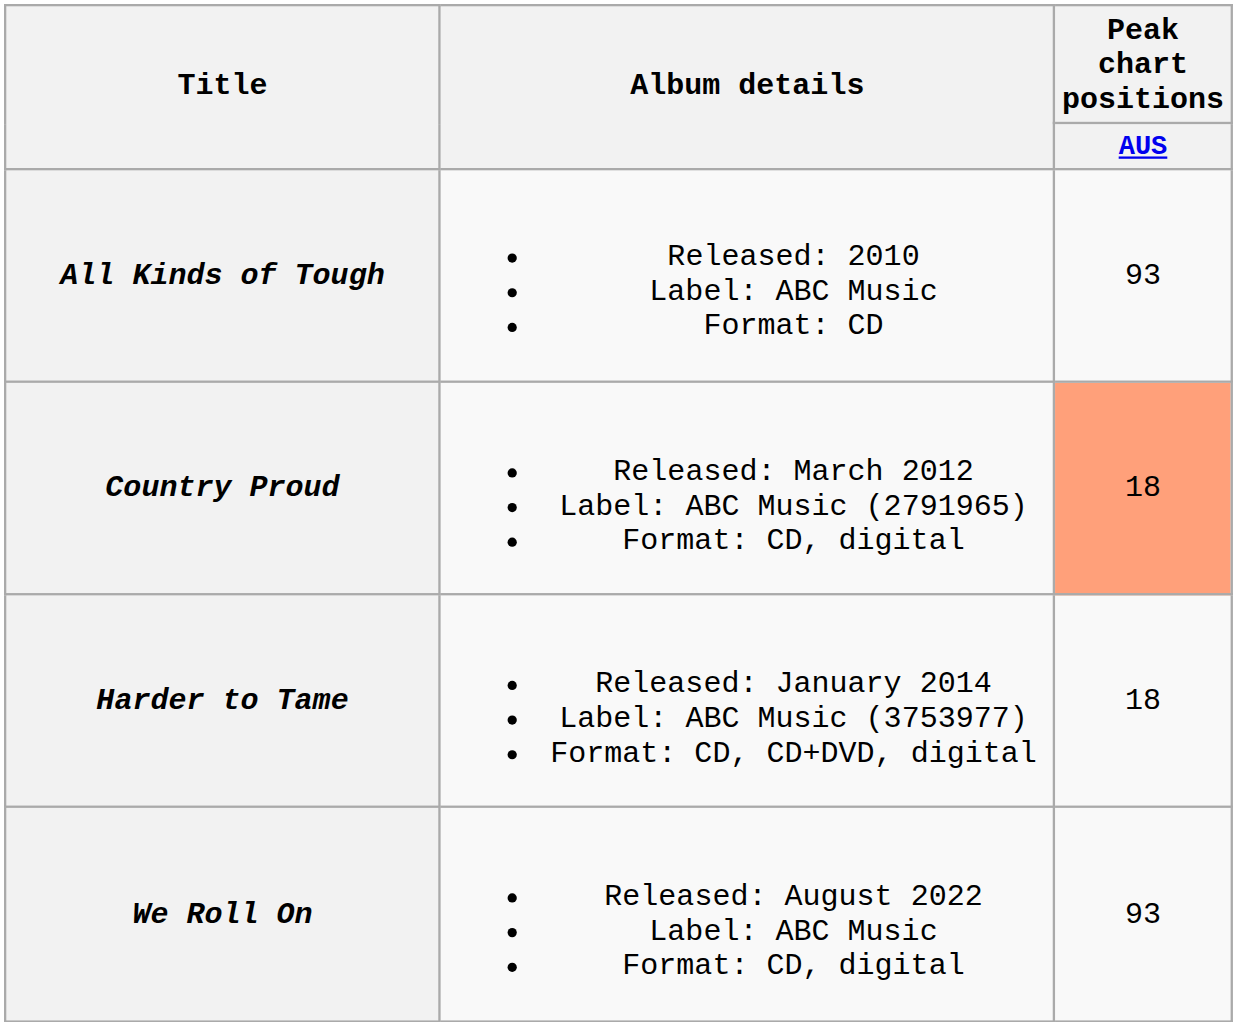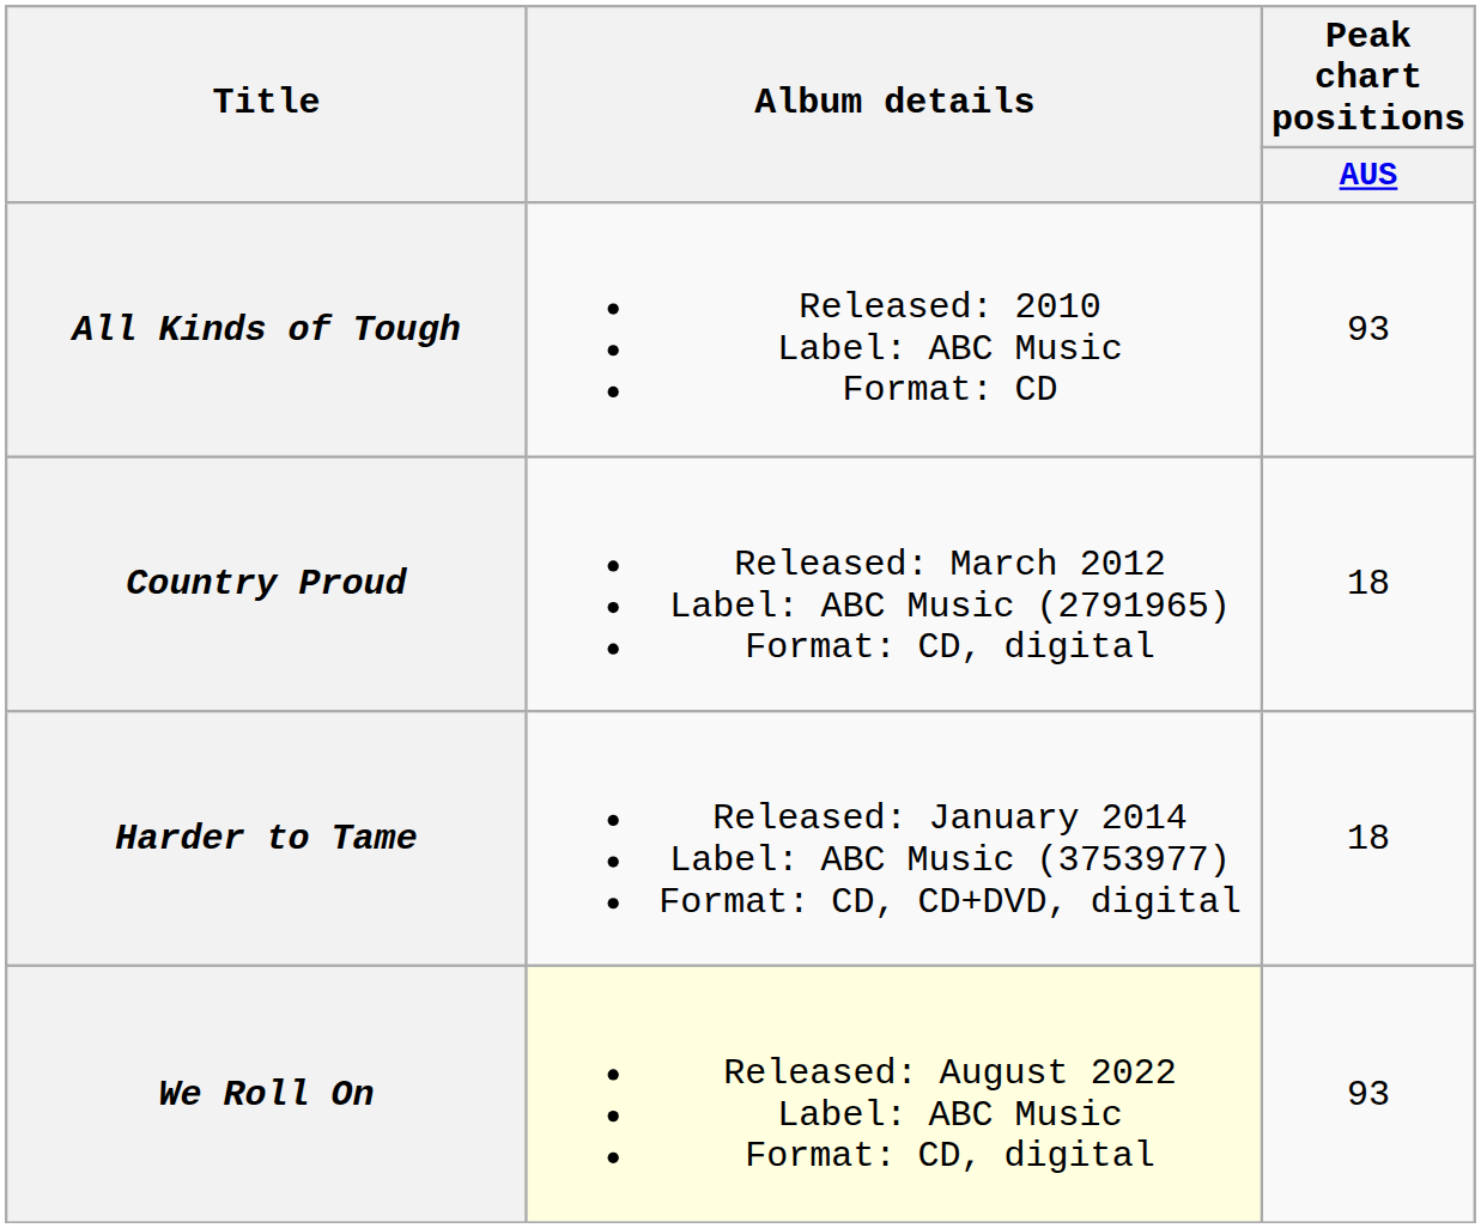 <table class="wikitable plainrowheaders" style="text-align:center;" border="1">
 <tr>
 <th scope="col" rowspan="2" style="width:14em;">Title</th>
 <th scope="col" rowspan="2" style="width:20em;">Album details</th>
 <th scope="col" colspan="1">Peak chart positions</th>
 </tr>
 <tr>
 <th scope="col" style="width:3em;font-size:90%;"><a href='#'>AUS</a><br></th>
 </tr>
 <tr>
 <th scope="row"><em>All Kinds of Tough</em></th>
 <td><br><ul><li>Released: 2010</li><li>Label: ABC Music</li><li>Format: CD</li></ul></td>
 <td>93</td>
 </tr>
 <tr>
 <th scope="row"><em>Country Proud</em></th>
 <td><br><ul><li>Released: March 2012</li><li>Label: ABC Music (2791965)</li><li>Format: CD, digital</li></ul></td>
-<td style="background: lightsalmon;">18</td>
+<td>18</td>
 </tr>
 <tr>
 <th scope="row"><em>Harder to Tame</em></th>
 <td><br><ul><li>Released: January 2014</li><li>Label: ABC Music (3753977)</li><li>Format: CD, CD+DVD, digital</li></ul></td>
 <td>18</td>
 </tr>
 <tr>
 <th scope="row"><em>We Roll On</em></th>
-<td><br><ul><li>Released: August 2022</li><li>Label: ABC Music</li><li>Format: CD, digital</li></ul></td>
+<td style="background: lightyellow;"><br><ul><li>Released: August 2022</li><li>Label: ABC Music</li><li>Format: CD, digital</li></ul></td>
 <td>93</td>
 </tr>
 </table>
